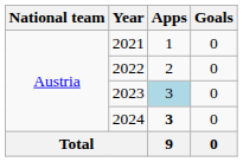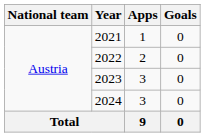 <table class="wikitable" style="text-align:center">
 <tr>
 <th>National team</th>
 <th>Year</th>
 <th>Apps</th>
 <th>Goals</th>
 </tr>
 <tr>
 <td rowspan="4"><a href='#'>Austria</a></td>
 <td>2021</td>
 <td>1</td>
 <td>0</td>
 </tr>
 <tr>
 <td>2022</td>
 <td>2</td>
 <td>0</td>
 </tr>
 <tr>
 <td>2023</td>
-<td style="background: lightblue;">3</td>
+<td>3</td>
 <td>0</td>
 </tr>
 <tr>
 <td>2024</td>
-<td><strong>3</strong></td>
+<td>3</td>
 <td>0</td>
 </tr>
 <tr>
 <th colspan="2">Total</th>
 <th>9</th>
 <th>0</th>
 </tr>
 </table>
